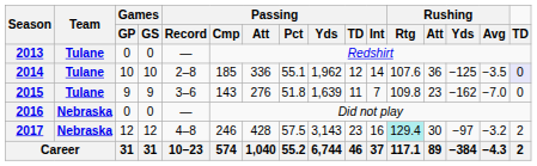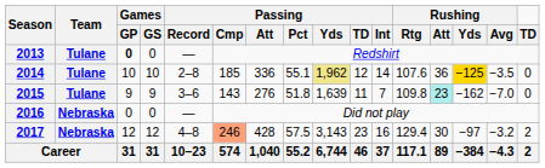 <table class=wikitable style="text-align:center;">
 <tr>
 <th rowspan="2">Season</th>
 <th rowspan="2">Team</th>
 <th colspan="2">Games</th>
 <th colspan="7">Passing</th>
 <th colspan="4">Rushing</th>
 </tr>
 <tr>
 <th>GP</th>
 <th>GS</th>
 <th>Record</th>
 <th>Cmp</th>
 <th>Att</th>
 <th>Pct</th>
 <th>Yds</th>
 <th>TD</th>
 <th>Int</th>
 <th>Rtg</th>
 <th>Att</th>
 <th>Yds</th>
 <th>Avg</th>
 <th>TD</th>
 </tr>
 <tr>
 <th><a href='#'>2013</a></th>
 <th><a href='#'>Tulane</a></th>
-<td>0</td>
+<td><strong>0</strong></td>
 <td>0</td>
 <td>—</td>
 <td colspan="11"><em><a href='#'>Redshirt</a></em></td>
 </tr>
 <tr>
 <th><a href='#'>2014</a></th>
 <th><a href='#'>Tulane</a></th>
 <td>10</td>
 <td>10</td>
 <td>2–8</td>
 <td>185</td>
 <td>336</td>
 <td>55.1</td>
-<td>1,962</td>
+<td style="background: khaki;">1,962</td>
 <td>12</td>
 <td>14</td>
 <td>107.6</td>
 <td>36</td>
-<td>−125</td>
+<td style="background: gold;">−125</td>
 <td>−3.5</td>
-<td style="background: lavender;">0</td>
+<td>0</td>
 </tr>
 <tr>
 <th><a href='#'>2015</a></th>
 <th><a href='#'>Tulane</a></th>
 <td>9</td>
 <td>9</td>
 <td>3–6</td>
 <td>143</td>
 <td>276</td>
 <td>51.8</td>
 <td>1,639</td>
 <td>11</td>
 <td>7</td>
 <td>109.8</td>
-<td>23</td>
+<td style="background: paleturquoise;">23</td>
 <td>−162</td>
 <td>−7.0</td>
 <td>0</td>
 </tr>
 <tr>
 <th><a href='#'>2016</a></th>
 <th><a href='#'>Nebraska</a></th>
 <td>0</td>
 <td>0</td>
 <td>—</td>
 <td colspan="11"><em>Did not play</em></td>
 </tr>
 <tr>
 <th><a href='#'>2017</a></th>
 <th><a href='#'>Nebraska</a></th>
 <td>12</td>
 <td>12</td>
 <td>4–8</td>
-<td>246</td>
+<td style="background: lightsalmon;">246</td>
 <td>428</td>
 <td>57.5</td>
 <td>3,143</td>
 <td>23</td>
 <td>16</td>
-<td style="background: paleturquoise;">129.4</td>
+<td>129.4</td>
 <td>30</td>
 <td>−97</td>
 <td>−3.2</td>
 <td>2</td>
 </tr>
 <tr>
 <th colspan="2">Career</th>
 <th>31</th>
 <th>31</th>
 <th>10–23</th>
 <th>574</th>
 <th>1,040</th>
 <th>55.2</th>
 <th>6,744</th>
 <th>46</th>
 <th>37</th>
 <th>117.1</th>
 <th>89</th>
 <th>−384</th>
 <th>−4.3</th>
 <th>2</th>
 </tr>
 </table>
